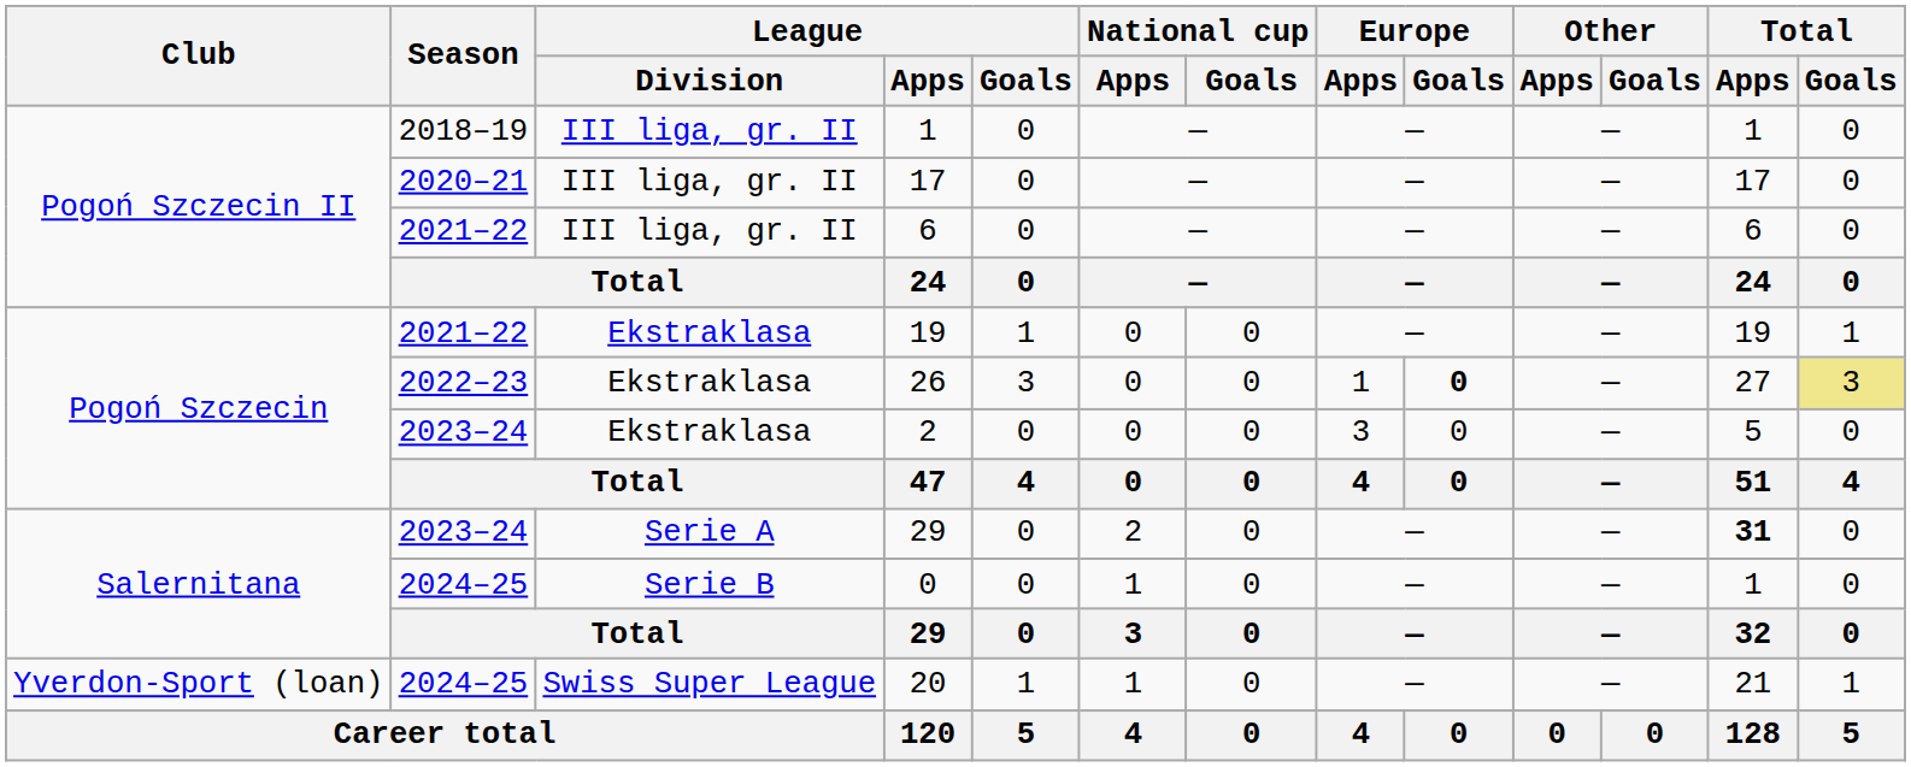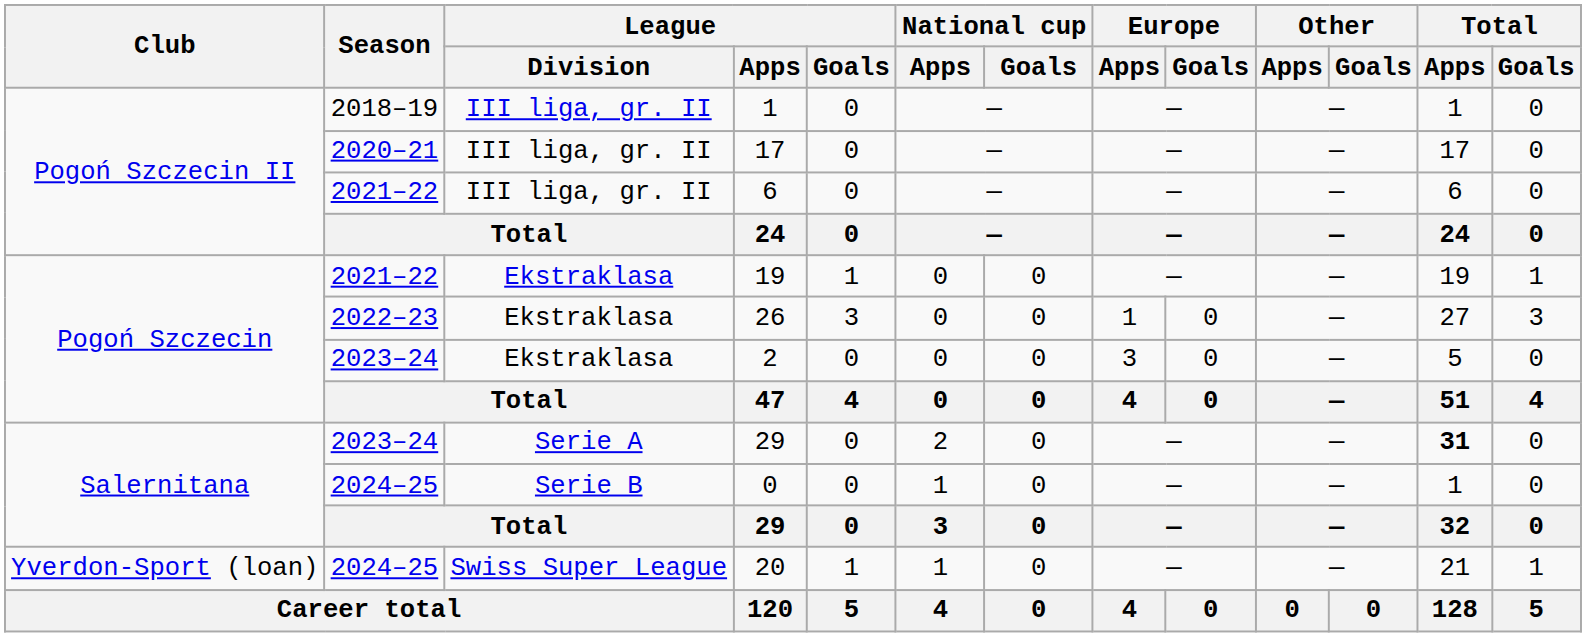 <table class="wikitable" style="text-align: center;">
 <tr>
 <th rowspan="2">Club</th>
 <th rowspan="2">Season</th>
 <th colspan="3">League</th>
 <th colspan="2">National cup</th>
 <th colspan="2">Europe</th>
 <th colspan="2">Other</th>
 <th colspan="2">Total</th>
 </tr>
 <tr>
 <th>Division</th>
 <th>Apps</th>
 <th>Goals</th>
 <th>Apps</th>
 <th>Goals</th>
 <th>Apps</th>
 <th>Goals</th>
 <th>Apps</th>
 <th>Goals</th>
 <th>Apps</th>
 <th>Goals</th>
 </tr>
 <tr>
 <td rowspan="4"><a href='#'>Pogoń Szczecin II</a></td>
 <td>2018–19</td>
 <td><a href='#'>III liga, gr. II</a></td>
 <td>1</td>
 <td>0</td>
 <td colspan="2">—</td>
 <td colspan="2">—</td>
 <td colspan="2">—</td>
 <td>1</td>
 <td>0</td>
 </tr>
 <tr>
 <td><a href='#'>2020–21</a></td>
 <td>III liga, gr. II</td>
 <td>17</td>
 <td>0</td>
 <td colspan="2">—</td>
 <td colspan="2">—</td>
 <td colspan="2">—</td>
 <td>17</td>
 <td>0</td>
 </tr>
 <tr>
 <td><a href='#'>2021–22</a></td>
 <td>III liga, gr. II</td>
 <td>6</td>
 <td>0</td>
 <td colspan="2">—</td>
 <td colspan="2">—</td>
 <td colspan="2">—</td>
 <td>6</td>
 <td>0</td>
 </tr>
 <tr>
 <th colspan="2">Total</th>
 <th>24</th>
 <th>0</th>
 <th colspan="2">—</th>
 <th colspan="2">—</th>
 <th colspan="2">—</th>
 <th>24</th>
 <th>0</th>
 </tr>
 <tr>
 <td rowspan="4"><a href='#'>Pogoń Szczecin</a></td>
 <td><a href='#'>2021–22</a></td>
 <td><a href='#'>Ekstraklasa</a></td>
 <td>19</td>
 <td>1</td>
 <td>0</td>
 <td>0</td>
 <td colspan="2">—</td>
 <td colspan="2">—</td>
 <td>19</td>
 <td>1</td>
 </tr>
 <tr>
 <td><a href='#'>2022–23</a></td>
 <td>Ekstraklasa</td>
 <td>26</td>
 <td>3</td>
 <td>0</td>
 <td>0</td>
 <td>1</td>
-<td><strong>0</strong></td>
+<td>0</td>
 <td colspan="2">—</td>
 <td>27</td>
-<td style="background: khaki;">3</td>
+<td>3</td>
 </tr>
 <tr>
 <td><a href='#'>2023–24</a></td>
 <td>Ekstraklasa</td>
 <td>2</td>
 <td>0</td>
 <td>0</td>
 <td>0</td>
 <td>3</td>
 <td>0</td>
 <td colspan="2">—</td>
 <td>5</td>
 <td>0</td>
 </tr>
 <tr>
 <th colspan="2">Total</th>
 <th>47</th>
 <th>4</th>
 <th>0</th>
 <th>0</th>
 <th>4</th>
 <th>0</th>
 <th colspan="2">—</th>
 <th>51</th>
 <th>4</th>
 </tr>
 <tr>
 <td rowspan="3"><a href='#'>Salernitana</a></td>
 <td><a href='#'>2023–24</a></td>
 <td><a href='#'>Serie A</a></td>
 <td>29</td>
 <td>0</td>
 <td>2</td>
 <td>0</td>
 <td colspan="2">—</td>
 <td colspan="2">—</td>
 <td><strong>31</strong></td>
 <td>0</td>
 </tr>
 <tr>
 <td><a href='#'>2024–25</a></td>
 <td><a href='#'>Serie B</a></td>
 <td>0</td>
 <td>0</td>
 <td>1</td>
 <td>0</td>
 <td colspan="2">—</td>
 <td colspan="2">—</td>
 <td>1</td>
 <td>0</td>
 </tr>
 <tr>
 <th colspan="2">Total</th>
 <th>29</th>
 <th>0</th>
 <th>3</th>
 <th>0</th>
 <th colspan="2">—</th>
 <th colspan="2">—</th>
 <th>32</th>
 <th>0</th>
 </tr>
 <tr>
 <td><a href='#'>Yverdon-Sport</a> (loan)</td>
 <td><a href='#'>2024–25</a></td>
 <td><a href='#'>Swiss Super League</a></td>
 <td>20</td>
 <td>1</td>
 <td>1</td>
 <td>0</td>
 <td colspan="2">—</td>
 <td colspan="2">—</td>
 <td>21</td>
 <td>1</td>
 </tr>
 <tr>
 <th colspan="3">Career total</th>
 <th>120</th>
 <th>5</th>
 <th>4</th>
 <th>0</th>
 <th>4</th>
 <th>0</th>
 <th>0</th>
 <th>0</th>
 <th>128</th>
 <th>5</th>
 </tr>
 </table>
